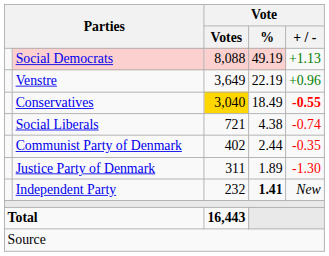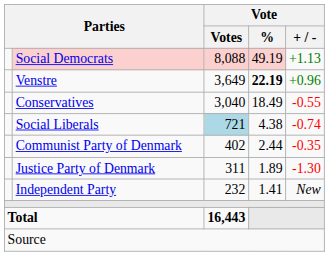 <table class="wikitable" style="text-align:right;">
 <tr>
 <th style="text-align:centre;" rowspan="2" colspan="2" width="225">Parties</th>
 <th colspan="3">Vote</th>
 </tr>
 <tr>
 <th width="15">Votes</th>
 <th width="15">%</th>
 <th width="15">+ / -</th>
 </tr>
 <tr>
 <td width="2" style="color:inherit;background:"></td>
 <td bgcolor=#fbd0ce  align="left"><a href='#'>Social Democrats</a></td>
 <td bgcolor=#fbd0ce>8,088</td>
 <td bgcolor=#fbd0ce>49.19</td>
 <td style=color:green;>+1.13</td>
 </tr>
 <tr>
 <td width="2" style="color:inherit;background:"></td>
 <td align="left"><a href='#'>Venstre</a></td>
 <td>3,649</td>
-<td>22.19</td>
+<td><strong>22.19</strong></td>
 <td style=color:green;>+0.96</td>
 </tr>
 <tr>
 <td width="2" style="color:inherit;background:"></td>
 <td align="left"><a href='#'>Conservatives</a></td>
-<td style="background: gold;">3,040</td>
+<td>3,040</td>
 <td>18.49</td>
-<td style=color:red;><strong>-0.55</strong></td>
+<td style=color:red;>-0.55</td>
 </tr>
 <tr>
 <td width="2" style="color:inherit;background:"></td>
 <td align="left"><a href='#'>Social Liberals</a></td>
-<td>721</td>
+<td style="background: lightblue;">721</td>
 <td>4.38</td>
 <td style=color:red;>-0.74</td>
 </tr>
 <tr>
 <td width="2" style="color:inherit;background:"></td>
 <td align="left"><a href='#'>Communist Party of Denmark</a></td>
 <td>402</td>
 <td>2.44</td>
 <td style=color:red;>-0.35</td>
 </tr>
 <tr>
 <td width="2" style="color:inherit;background:"></td>
 <td align="left"><a href='#'>Justice Party of Denmark</a></td>
 <td>311</td>
 <td>1.89</td>
 <td style=color:red;>-1.30</td>
 </tr>
 <tr>
 <td width="2" style="color:inherit;background:"></td>
 <td align="left"><a href='#'>Independent Party</a></td>
 <td>232</td>
-<td><strong>1.41</strong></td>
+<td>1.41</td>
 <td><em>New</em></td>
 </tr>
 <tr>
 <td colspan="7" bgcolor="#E9E9E9"></td>
 </tr>
 <tr>
 <td align="left" colspan="2"><strong>Total</strong></td>
 <td><strong>16,443</strong></td>
 <td bgcolor="#E9E9E9" colspan="2"></td>
 </tr>
 <tr>
 <td align="left" colspan="6">Source</td>
 </tr>
 </table>
